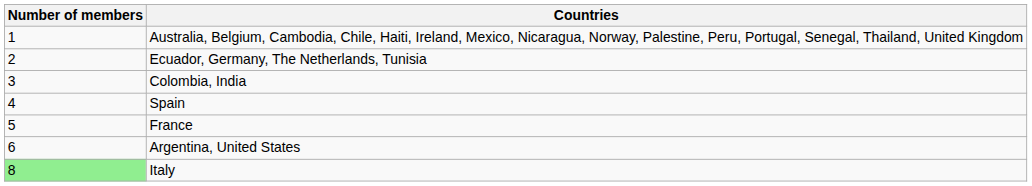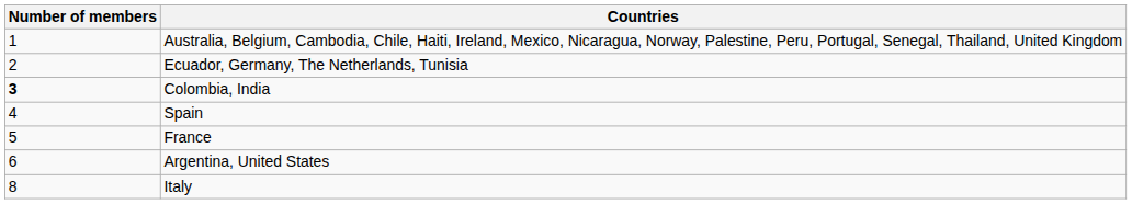 <table class="wikitable sortable">
 <tr>
 <th>Number of members</th>
 <th>Countries</th>
 </tr>
 <tr>
 <td>1</td>
 <td>Australia, Belgium, Cambodia, Chile, Haiti, Ireland, Mexico, Nicaragua, Norway, Palestine, Peru, Portugal, Senegal, Thailand, United Kingdom</td>
 </tr>
 <tr>
 <td>2</td>
 <td>Ecuador, Germany, The Netherlands, Tunisia</td>
 </tr>
 <tr>
-<td>3</td>
+<td><strong>3</strong></td>
 <td>Colombia, India</td>
 </tr>
 <tr>
 <td>4</td>
 <td>Spain</td>
 </tr>
 <tr>
 <td>5</td>
 <td>France</td>
 </tr>
 <tr>
 <td>6</td>
 <td>Argentina, United States</td>
 </tr>
 <tr>
-<td style="background: lightgreen;">8</td>
+<td>8</td>
 <td>Italy</td>
 </tr>
 </table>
